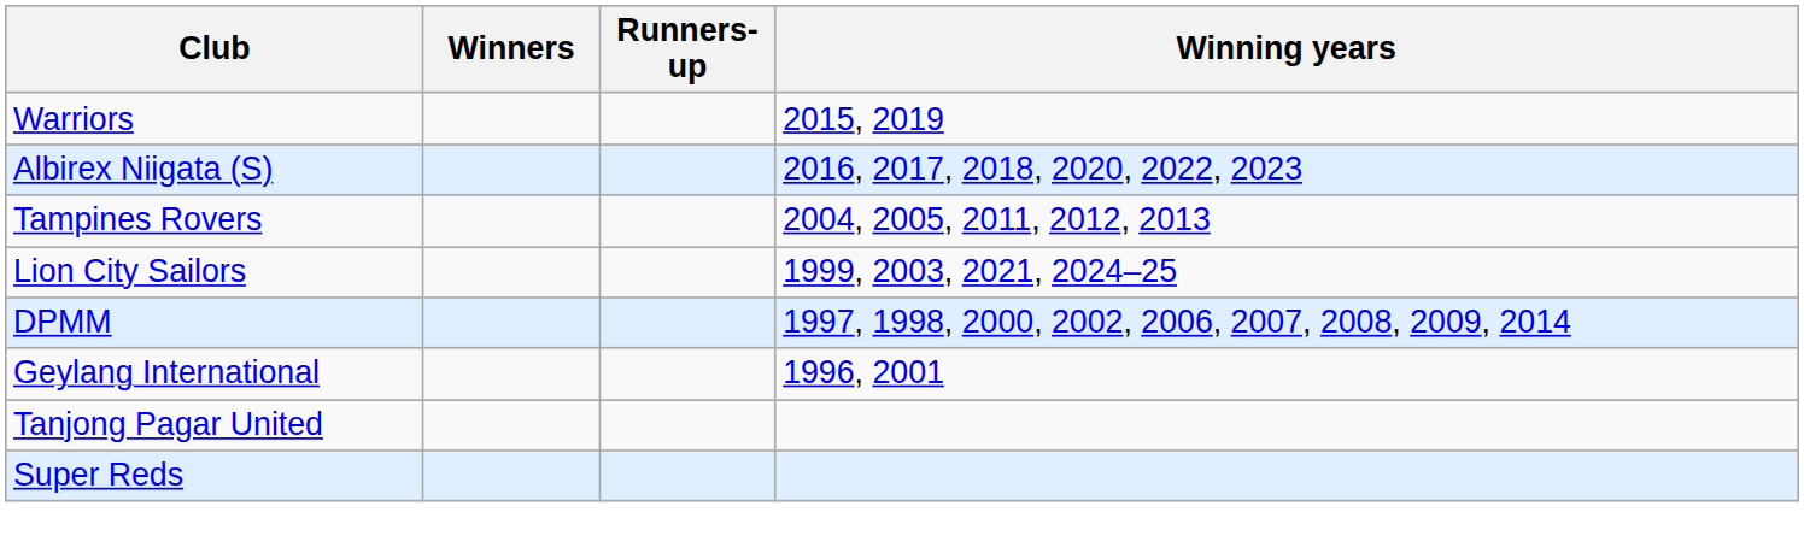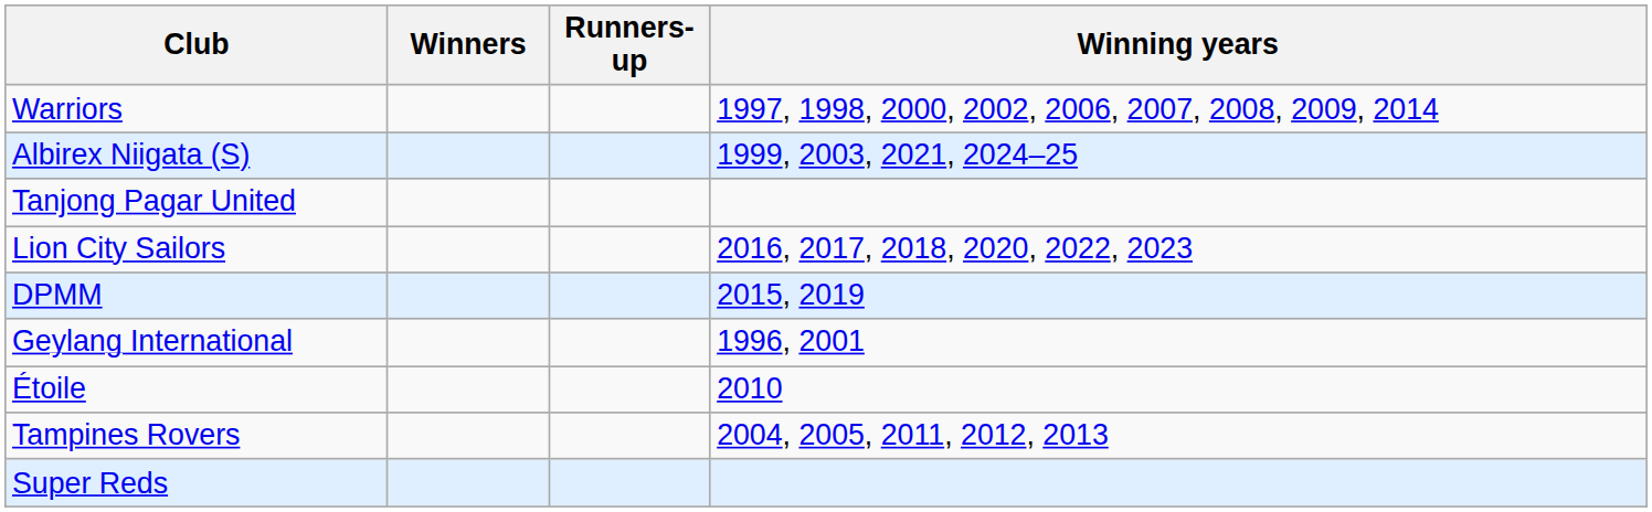 <table class="wikitable">
 <tr>
 <th style="width:200px;">Club</th>
 <th style="width:80px;">Winners</th>
 <th style="width:80px;">Runners-up</th>
 <th style="width:500px;">Winning years</th>
 </tr>
 <tr>
 <td><a href='#'>Warriors</a></td>
 <td></td>
 <td></td>
-<td><a href='#'>2015</a>, <a href='#'>2019</a></td>
+<td><a href='#'>1997</a>, <a href='#'>1998</a>, <a href='#'>2000</a>, <a href='#'>2002</a>, <a href='#'>2006</a>, <a href='#'>2007</a>, <a href='#'>2008</a>, <a href='#'>2009</a>, <a href='#'>2014</a></td>
 </tr>
 <tr style="background:#dfefff;">
 <td><a href='#'>Albirex Niigata (S)</a></td>
 <td></td>
 <td></td>
-<td><a href='#'>2016</a>, <a href='#'>2017</a>, <a href='#'>2018</a>, <a href='#'>2020</a>, <a href='#'>2022</a>, <a href='#'>2023</a></td>
+<td><a href='#'>1999</a>, <a href='#'>2003</a>, <a href='#'>2021</a>, <a href='#'>2024–25</a></td>
 </tr>
 <tr>
-<td><a href='#'>Tampines Rovers</a></td>
+<td><a href='#'>Tanjong Pagar United</a></td>
 <td></td>
 <td></td>
-<td><a href='#'>2004</a>, <a href='#'>2005</a>, <a href='#'>2011</a>, <a href='#'>2012</a>, <a href='#'>2013</a></td>
+<td></td>
 </tr>
 <tr>
 <td><a href='#'>Lion City Sailors</a></td>
 <td></td>
 <td></td>
-<td><a href='#'>1999</a>, <a href='#'>2003</a>, <a href='#'>2021</a>, <a href='#'>2024–25</a></td>
+<td><a href='#'>2016</a>, <a href='#'>2017</a>, <a href='#'>2018</a>, <a href='#'>2020</a>, <a href='#'>2022</a>, <a href='#'>2023</a></td>
 </tr>
 <tr style="background:#dfefff;">
 <td><a href='#'>DPMM</a></td>
 <td></td>
 <td></td>
-<td><a href='#'>1997</a>, <a href='#'>1998</a>, <a href='#'>2000</a>, <a href='#'>2002</a>, <a href='#'>2006</a>, <a href='#'>2007</a>, <a href='#'>2008</a>, <a href='#'>2009</a>, <a href='#'>2014</a></td>
+<td><a href='#'>2015</a>, <a href='#'>2019</a></td>
 </tr>
 <tr>
 <td><a href='#'>Geylang International</a></td>
 <td></td>
 <td></td>
 <td><a href='#'>1996</a>, <a href='#'>2001</a></td>
 </tr>
 <tr>
-<td><a href='#'>Tanjong Pagar United</a></td>
+<td><a href='#'>Étoile</a></td>
 <td></td>
 <td></td>
+<td><a href='#'>2010</a></td>
+</tr>
+<tr>
+<td><a href='#'>Tampines Rovers</a></td>
 <td></td>
+<td></td>
+<td><a href='#'>2004</a>, <a href='#'>2005</a>, <a href='#'>2011</a>, <a href='#'>2012</a>, <a href='#'>2013</a></td>
 </tr>
 <tr style="background:#dfefff;">
 <td><a href='#'>Super Reds</a></td>
 <td></td>
 <td></td>
 <td></td>
 </tr>
 </table>
